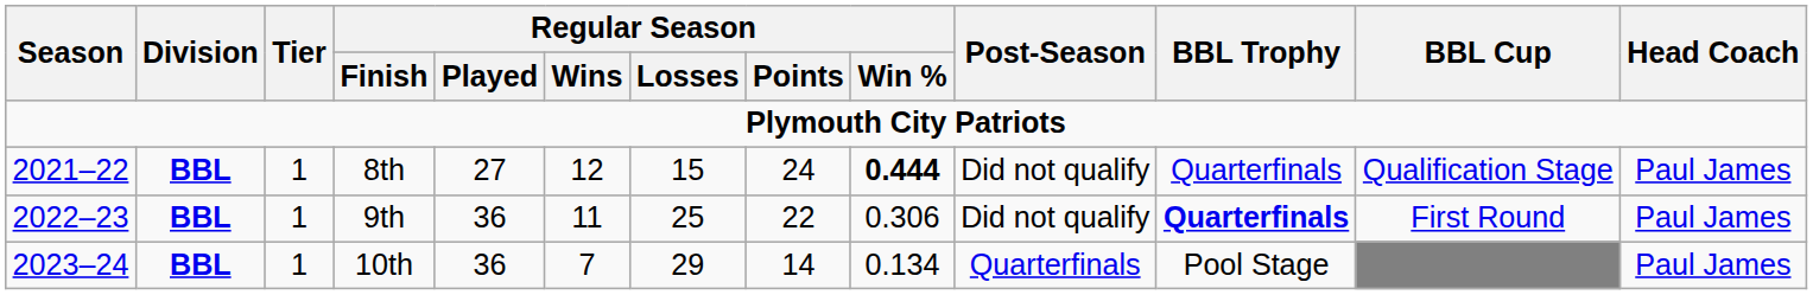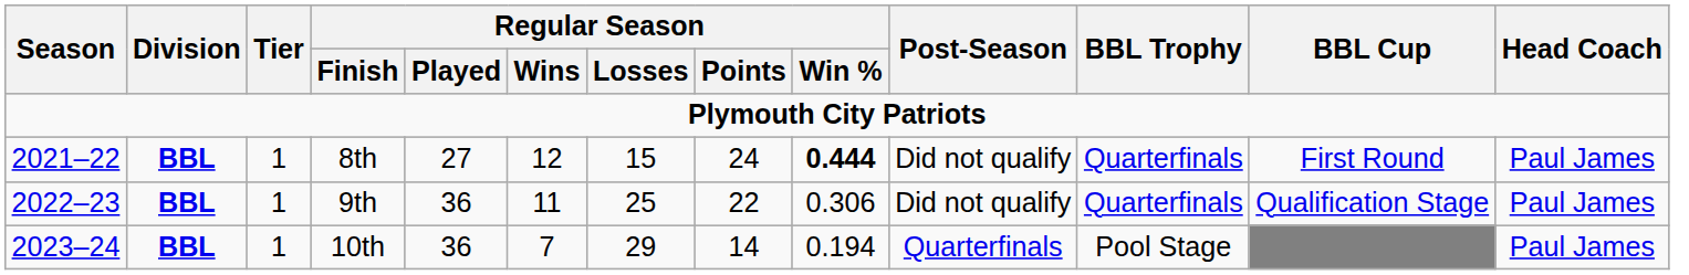 <table class="wikitable" style="font-size:100%;">
 <tr bgcolor="#efefef">
 <th rowspan="2">Season</th>
 <th rowspan="2">Division</th>
 <th rowspan="2">Tier</th>
 <th colspan="6">Regular Season</th>
 <th rowspan="2">Post-Season</th>
 <th rowspan="2">BBL Trophy</th>
 <th rowspan="2">BBL Cup</th>
 <th rowspan="2">Head Coach</th>
 </tr>
 <tr>
 <th>Finish</th>
 <th>Played</th>
 <th>Wins</th>
 <th>Losses</th>
 <th>Points</th>
 <th>Win %</th>
 </tr>
 <tr>
 <td colspan="13" align="center"><strong>Plymouth City Patriots</strong></td>
 </tr>
 <tr>
 <td style="text-align:center;"><a href='#'>2021–22</a></td>
 <td style="text-align:center;"><strong><a href='#'>BBL</a></strong></td>
 <td style="text-align:center;">1</td>
 <td style="text-align:center;">8th</td>
 <td style="text-align:center;">27</td>
 <td style="text-align:center;">12</td>
 <td style="text-align:center;">15</td>
 <td style="text-align:center;">24</td>
 <td style="text-align:center;"><strong>0.444</strong></td>
 <td style="text-align:center;">Did not qualify</td>
 <td style="text-align:center;"><a href='#'>Quarterfinals</a></td>
-<td style="text-align:center;"><a href='#'>Qualification Stage</a></td>
+<td style="text-align:center;"><a href='#'>First Round</a></td>
 <td style="text-align:center;"><a href='#'>Paul James</a></td>
 </tr>
 <tr>
 <td style="text-align:center;"><a href='#'>2022–23</a></td>
 <td style="text-align:center;"><strong><a href='#'>BBL</a></strong></td>
 <td style="text-align:center;">1</td>
 <td style="text-align:center;">9th</td>
 <td style="text-align:center;">36</td>
 <td style="text-align:center;">11</td>
 <td style="text-align:center;">25</td>
 <td style="text-align:center;">22</td>
 <td style="text-align:center;">0.306</td>
 <td style="text-align:center;">Did not qualify</td>
-<td style="text-align:center;"><strong><a href='#'>Quarterfinals</a></strong></td>
-<td style="text-align:center;"><a href='#'>First Round</a></td>
+<td style="text-align:center;"><a href='#'>Quarterfinals</a></td>
+<td style="text-align:center;"><a href='#'>Qualification Stage</a></td>
 <td style="text-align:center;"><a href='#'>Paul James</a></td>
 </tr>
 <tr>
 <td style="text-align:center;"><a href='#'>2023–24</a></td>
 <td style="text-align:center;"><strong><a href='#'>BBL</a></strong></td>
 <td style="text-align:center;">1</td>
 <td style="text-align:center;">10th</td>
 <td style="text-align:center;">36</td>
 <td style="text-align:center;">7</td>
 <td style="text-align:center;">29</td>
 <td style="text-align:center;">14</td>
-<td style="text-align:center;">0.134</td>
+<td style="text-align:center;">0.194</td>
 <td style="text-align:center;"><a href='#'>Quarterfinals</a></td>
 <td style="text-align:center;">Pool Stage</td>
 <td style="text-align:center;"bgcolor=grey></td>
 <td style="text-align:center;"><a href='#'>Paul James</a></td>
 </tr>
 </table>
